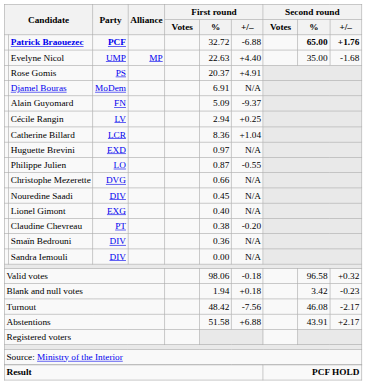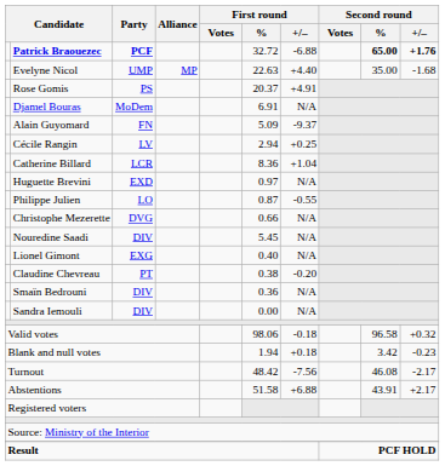 <table class="wikitable" style="text-align:right;font-size:95%;">
 <tr>
 <th rowspan="2" colspan="2">Candidate</th>
 <th rowspan="2">Party</th>
 <th rowspan="2">Alliance</th>
 <th colspan="3">First round</th>
 <th colspan="3">Second round</th>
 </tr>
 <tr>
 <th style="width:50px;">Votes</th>
 <th style="width:45px;">%</th>
 <th style="width:45px;">+/–</th>
 <th style="width:50px;">Votes</th>
 <th style="width:45px;">%</th>
 <th style="width:45px;">+/–</th>
 </tr>
 <tr>
 <td style="color:inherit;background:"></td>
 <td style="text-align:left;"><strong><a href='#'>Patrick Braouezec</a></strong></td>
 <td><a href='#'><strong>PCF</strong></a> </td>
 <td></td>
 <td></td>
 <td>32.72</td>
 <td>-6.88</td>
 <td><strong></strong></td>
 <td><strong>65.00</strong></td>
 <td><strong>+1.76</strong></td>
 </tr>
 <tr>
 <td style="color:inherit;background:"></td>
 <td style="text-align:left;">Evelyne Nicol</td>
 <td><a href='#'>UMP</a> </td>
 <td><a href='#'>MP</a> </td>
 <td></td>
 <td>22.63</td>
 <td>+4.40</td>
 <td></td>
 <td>35.00</td>
 <td>-1.68</td>
 </tr>
 <tr>
 <td style="color:inherit;background:"></td>
 <td style="text-align:left;">Rose Gomis</td>
 <td><a href='#'>PS</a></td>
 <td></td>
 <td></td>
 <td>20.37</td>
 <td>+4.91</td>
 <td colspan="3" style="background:#E9E9E9;"></td>
 </tr>
 <tr>
 <td style="color:inherit;background:"></td>
 <td style="text-align:left;"><a href='#'>Djamel Bouras</a></td>
 <td><a href='#'>MoDem</a></td>
 <td></td>
 <td></td>
 <td>6.91</td>
 <td>N/A</td>
 <td colspan="3" style="background:#E9E9E9;"></td>
 </tr>
 <tr>
 <td style="color:inherit;background:"></td>
 <td style="text-align:left;">Alain Guyomard</td>
 <td><a href='#'>FN</a></td>
 <td></td>
 <td></td>
 <td>5.09</td>
 <td>-9.37</td>
 <td colspan="3" style="background:#E9E9E9;"></td>
 </tr>
 <tr>
 <td style="color:inherit;background:"></td>
 <td style="text-align:left;">Cécile Rangin</td>
 <td><a href='#'>LV</a></td>
 <td></td>
 <td></td>
 <td>2.94</td>
 <td>+0.25</td>
 <td colspan="3" style="background:#E9E9E9;"></td>
 </tr>
 <tr>
 <td style="color:inherit;background:"></td>
 <td style="text-align:left;">Catherine Billard</td>
 <td><a href='#'>LCR</a></td>
 <td></td>
 <td></td>
 <td>8.36</td>
 <td>+1.04</td>
 <td colspan="3" style="background:#E9E9E9;"></td>
 </tr>
 <tr>
 <td style="color:inherit;background:"></td>
 <td style="text-align:left;">Huguette Brevini</td>
 <td><a href='#'>EXD</a></td>
 <td></td>
 <td></td>
 <td>0.97</td>
 <td>N/A</td>
 <td colspan="3" style="background:#E9E9E9;"></td>
 </tr>
 <tr>
 <td style="color:inherit;background:"></td>
 <td style="text-align:left;">Philippe Julien</td>
 <td><a href='#'>LO</a></td>
 <td></td>
 <td></td>
 <td>0.87</td>
 <td>-0.55</td>
 <td colspan="3" style="background:#E9E9E9;"></td>
 </tr>
 <tr>
 <td style="color:inherit;background:"></td>
 <td style="text-align:left;">Christophe Mezerette</td>
 <td><a href='#'>DVG</a></td>
 <td></td>
 <td></td>
 <td>0.66</td>
 <td>N/A</td>
 <td colspan="3" style="background:#E9E9E9;"></td>
 </tr>
 <tr>
 <td style="color:inherit;background:"></td>
 <td style="text-align:left;">Nouredine Saadi</td>
 <td><a href='#'>DIV</a></td>
 <td></td>
 <td></td>
-<td>0.45</td>
+<td>5.45</td>
 <td>N/A</td>
 <td colspan="3" style="background:#E9E9E9;"></td>
 </tr>
 <tr>
 <td style="color:inherit;background:"></td>
 <td style="text-align:left;">Lionel Gimont</td>
 <td><a href='#'>EXG</a></td>
 <td></td>
 <td></td>
 <td>0.40</td>
 <td>N/A</td>
 <td colspan="3" style="background:#E9E9E9;"></td>
 </tr>
 <tr>
 <td style="color:inherit;background:"></td>
 <td style="text-align:left;">Claudine Chevreau</td>
 <td><a href='#'>PT</a></td>
 <td></td>
 <td></td>
 <td>0.38</td>
 <td>-0.20</td>
 <td colspan="3" style="background:#E9E9E9;"></td>
 </tr>
 <tr>
 <td style="color:inherit;background:"></td>
 <td style="text-align:left;">Smaïn Bedrouni</td>
 <td><a href='#'>DIV</a></td>
 <td></td>
 <td></td>
 <td>0.36</td>
 <td>N/A</td>
 <td colspan="3" style="background:#E9E9E9;"></td>
 </tr>
 <tr>
 <td style="color:inherit;background:"></td>
 <td style="text-align:left;">Sandra Iemouli</td>
 <td><a href='#'>DIV</a></td>
 <td></td>
 <td></td>
 <td>0.00</td>
 <td>N/A</td>
 <td colspan="3" style="background:#E9E9E9;"></td>
 </tr>
 <tr>
 <td colspan="10" style="background:#E9E9E9;"></td>
 </tr>
 <tr>
 <td colspan="4" style="text-align:left;">Valid votes</td>
 <td></td>
 <td>98.06</td>
 <td>-0.18</td>
 <td></td>
 <td>96.58</td>
 <td>+0.32</td>
 </tr>
 <tr>
 <td colspan="4" style="text-align:left;">Blank and null votes</td>
 <td></td>
 <td>1.94</td>
 <td>+0.18</td>
 <td></td>
 <td>3.42</td>
 <td>-0.23</td>
 </tr>
 <tr>
 <td colspan="4" style="text-align:left;">Turnout</td>
 <td></td>
 <td>48.42</td>
 <td>-7.56</td>
 <td></td>
 <td>46.08</td>
 <td>-2.17</td>
 </tr>
 <tr>
 <td colspan="4" style="text-align:left;">Abstentions</td>
 <td></td>
 <td>51.58</td>
 <td>+6.88</td>
 <td></td>
 <td>43.91</td>
 <td>+2.17</td>
 </tr>
 <tr>
 <td colspan="4" style="text-align:left;">Registered voters</td>
 <td></td>
 <td colspan="2" style="background:#E9E9E9;"></td>
 <td></td>
 <td colspan="2" style="background:#E9E9E9;"></td>
 </tr>
 <tr>
 <td colspan="10" style="background:#E9E9E9;"></td>
 </tr>
 <tr>
 <td colspan="10" style="text-align:left;">Source: <a href='#'>Ministry of the Interior</a></td>
 </tr>
 <tr>
 </tr>
 <tr style="font-weight:bold">
 <td colspan="7" style="text-align:left;">Result</td>
 <td colspan="7" style="background-color:">PCF HOLD</td>
 </tr>
 </table>
